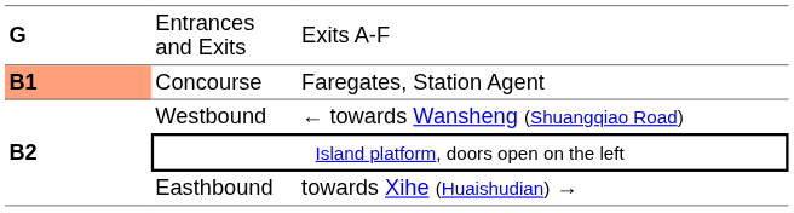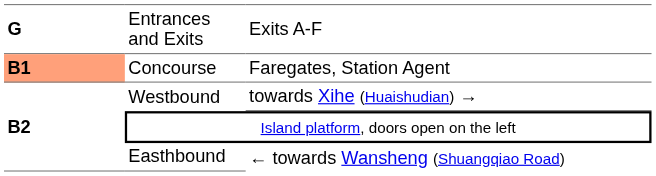 <table cellspacing=0 cellpadding=3>
 <tr>
 <td style="border-top:solid 1px gray;border-bottom:solid 1px gray;" width=100><strong>G</strong></td>
 <td style="border-top:solid 1px gray;border-bottom:solid 1px gray;" width=100>Entrances and Exits</td>
 <td style="border-top:solid 1px gray;border-bottom:solid 1px gray;" width=350>Exits A-F</td>
 </tr>
 <tr>
 <td style="background: lightsalmon; border-bottom:solid 1px gray;"><strong>B1</strong></td>
 <td style="border-bottom:solid 1px gray;">Concourse</td>
 <td style="border-bottom:solid 1px gray;">Faregates, Station Agent</td>
 </tr>
 <tr>
 <td style="border-bottom:solid 1px gray;" rowspan=3><strong>B2</strong></td>
 <td>Westbound</td>
-<td>←  towards <a href='#'>Wansheng</a> <small>(<a href='#'>Shuangqiao Road</a>)</small></td>
+<td style="border-bottom:solid 1px gray;">  towards <a href='#'>Xihe</a> <small>(<a href='#'>Huaishudian</a>)</small> →</td>
 </tr>
 <tr>
 <td style="border-right:solid 2px black;border-left:solid 2px black;border-top:solid 2px black;border-bottom:solid 2px black;text-align:center;" colspan=2><small><a href='#'>Island platform</a>, doors open on the left</small></td>
 </tr>
 <tr>
 <td style="border-bottom:solid 1px gray;">Easthbound</td>
-<td style="border-bottom:solid 1px gray;">  towards <a href='#'>Xihe</a> <small>(<a href='#'>Huaishudian</a>)</small> →</td>
+<td>←  towards <a href='#'>Wansheng</a> <small>(<a href='#'>Shuangqiao Road</a>)</small></td>
 </tr>
 </table>
